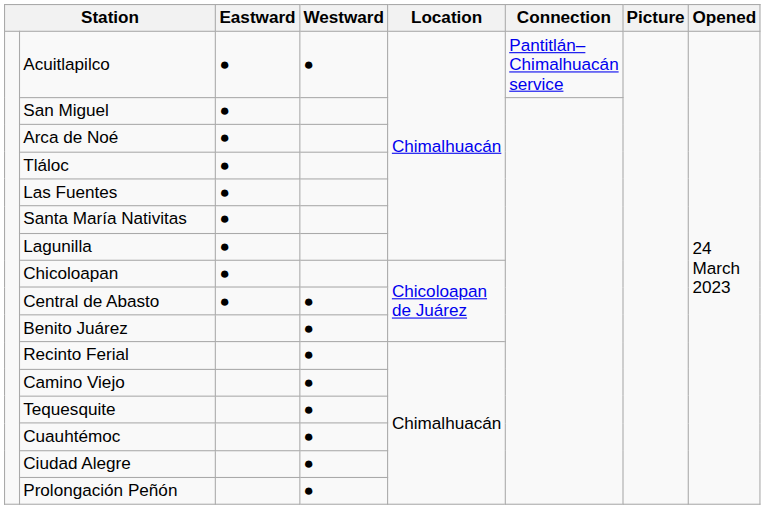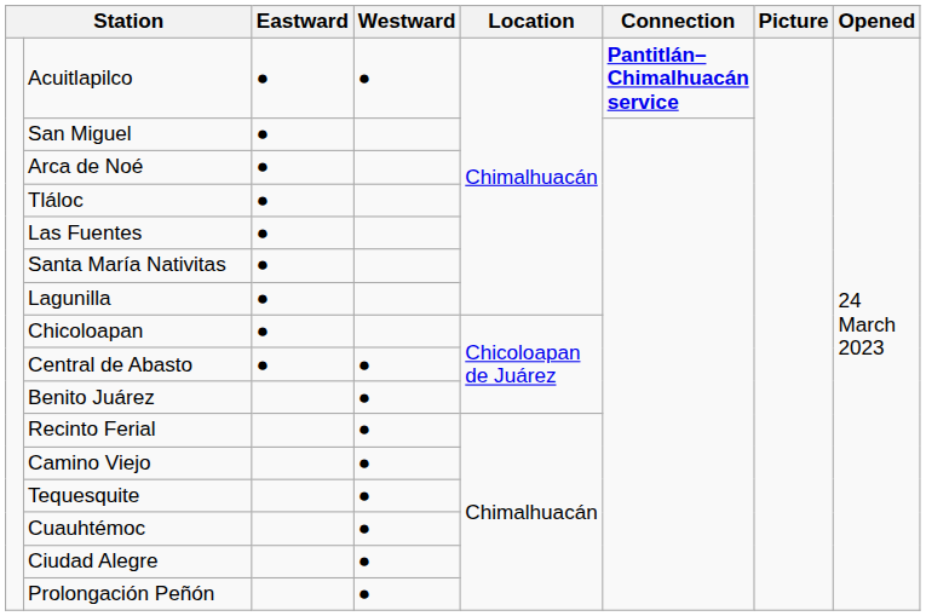 <table width="80%"  class="wikitable">
 <tr>
 <th colspan="2" align="center" width="30%">Station</th>
 <th align="center">Eastward</th>
 <th align="center">Westward</th>
 <th align="center">Location</th>
 <th align="center">Connection</th>
 <th align="center">Picture</th>
 <th align="center">Opened</th>
 </tr>
 <tr>
 <td rowspan="16" width="2%"> </td>
 <td> Acuitlapilco</td>
 <td>●</td>
 <td>●</td>
 <td rowspan="7"><a href='#'>Chimalhuacán</a></td>
-<td> <a href='#'>Pantitlán–Chimalhuacán service</a></td>
+<td><strong> <a href='#'>Pantitlán–Chimalhuacán service</a></strong></td>
 <td rowspan="16"></td>
 <td rowspan="16">24 March 2023</td>
 </tr>
 <tr>
 <td> San Miguel</td>
 <td>●</td>
 <td></td>
 <td rowspan="15"></td>
 </tr>
 <tr>
 <td> Arca de Noé</td>
 <td>●</td>
 <td></td>
 </tr>
 <tr>
 <td> Tláloc</td>
 <td>●</td>
 <td></td>
 </tr>
 <tr>
 <td> Las Fuentes</td>
 <td>●</td>
 <td></td>
 </tr>
 <tr>
 <td> Santa María Nativitas</td>
 <td>●</td>
 <td></td>
 </tr>
 <tr>
 <td> Lagunilla</td>
 <td>●</td>
 <td></td>
 </tr>
 <tr>
 <td> Chicoloapan</td>
 <td>●</td>
 <td></td>
 <td rowspan="3"><a href='#'>Chicoloapan de Juárez</a></td>
 </tr>
 <tr>
 <td> Central de Abasto</td>
 <td>●</td>
 <td>●</td>
 </tr>
 <tr>
 <td> Benito Juárez</td>
 <td></td>
 <td>●</td>
 </tr>
 <tr>
 <td> Recinto Ferial</td>
 <td></td>
 <td>●</td>
 <td rowspan="6">Chimalhuacán</td>
 </tr>
 <tr>
 <td> Camino Viejo</td>
 <td></td>
 <td>●</td>
 </tr>
 <tr>
 <td> Tequesquite</td>
 <td></td>
 <td>●</td>
 </tr>
 <tr>
 <td> Cuauhtémoc</td>
 <td></td>
 <td>●</td>
 </tr>
 <tr>
 <td> Ciudad Alegre</td>
 <td></td>
 <td>●</td>
 </tr>
 <tr>
 <td> Prolongación Peñón</td>
 <td></td>
 <td>●</td>
 </tr>
 </table>
